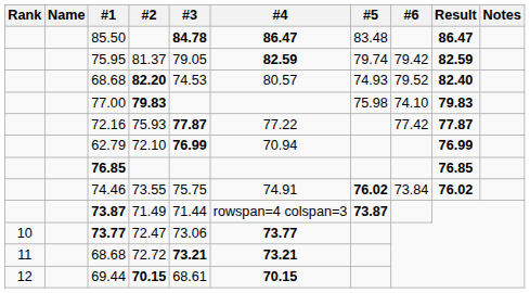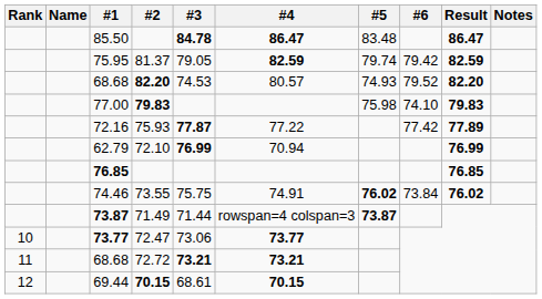 <table class="wikitable sortable" style="text-align:center">
 <tr>
 <th>Rank</th>
 <th>Name</th>
 <th>#1</th>
 <th>#2</th>
 <th>#3</th>
 <th>#4</th>
 <th>#5</th>
 <th>#6</th>
 <th>Result</th>
 <th>Notes</th>
 </tr>
 <tr>
 <td></td>
 <td align="left"></td>
 <td>85.50</td>
 <td></td>
 <td><strong>84.78</strong></td>
 <td><strong>86.47</strong></td>
 <td>83.48</td>
 <td></td>
 <td><strong>86.47</strong></td>
 <td></td>
 </tr>
 <tr>
 <td></td>
 <td align="left"></td>
 <td>75.95</td>
 <td>81.37</td>
 <td>79.05</td>
 <td><strong>82.59</strong></td>
 <td>79.74</td>
 <td>79.42</td>
 <td><strong>82.59</strong></td>
 <td></td>
 </tr>
 <tr>
 <td></td>
 <td align="left"></td>
 <td>68.68</td>
 <td><strong>82.20</strong></td>
 <td>74.53</td>
 <td>80.57</td>
 <td>74.93</td>
 <td>79.52</td>
-<td><strong>82.40</strong></td>
+<td><strong>82.20</strong></td>
 <td></td>
 </tr>
 <tr>
 <td></td>
 <td align="left"></td>
 <td>77.00</td>
 <td><strong>79.83</strong></td>
 <td></td>
 <td></td>
 <td>75.98</td>
 <td>74.10</td>
 <td><strong>79.83</strong></td>
 <td></td>
 </tr>
 <tr>
 <td></td>
 <td align="left"></td>
 <td>72.16</td>
 <td>75.93</td>
 <td><strong>77.87</strong></td>
 <td>77.22</td>
 <td></td>
 <td>77.42</td>
-<td><strong>77.87</strong></td>
+<td><strong>77.89</strong></td>
 <td></td>
 </tr>
 <tr>
 <td></td>
 <td align="left"></td>
 <td>62.79</td>
 <td>72.10</td>
 <td><strong>76.99</strong></td>
 <td>70.94</td>
 <td></td>
 <td></td>
 <td><strong>76.99</strong></td>
 <td></td>
 </tr>
 <tr>
 <td></td>
 <td align="left"></td>
 <td><strong>76.85</strong></td>
 <td></td>
 <td></td>
 <td></td>
 <td></td>
 <td></td>
 <td><strong>76.85</strong></td>
 <td></td>
 </tr>
 <tr>
 <td></td>
 <td align="left"></td>
 <td>74.46</td>
 <td>73.55</td>
 <td>75.75</td>
 <td>74.91</td>
 <td><strong>76.02</strong></td>
 <td>73.84</td>
 <td><strong>76.02</strong></td>
 <td></td>
 </tr>
 <tr>
 <td></td>
 <td align="left"></td>
 <td><strong>73.87</strong></td>
 <td>71.49</td>
 <td>71.44</td>
 <td>rowspan=4 colspan=3 </td>
 <td><strong>73.87</strong></td>
 <td></td>
 </tr>
 <tr>
 <td>10</td>
 <td align="left"></td>
 <td><strong>73.77</strong></td>
 <td>72.47</td>
 <td>73.06</td>
 <td><strong>73.77</strong></td>
 <td></td>
 </tr>
 <tr>
 <td>11</td>
 <td align="left"></td>
 <td>68.68</td>
 <td>72.72</td>
 <td><strong>73.21</strong></td>
 <td><strong>73.21</strong></td>
 <td></td>
 </tr>
 <tr>
 <td>12</td>
 <td align="left"></td>
 <td>69.44</td>
 <td><strong>70.15</strong></td>
 <td>68.61</td>
 <td><strong>70.15</strong></td>
 <td></td>
 </tr>
 </table>
